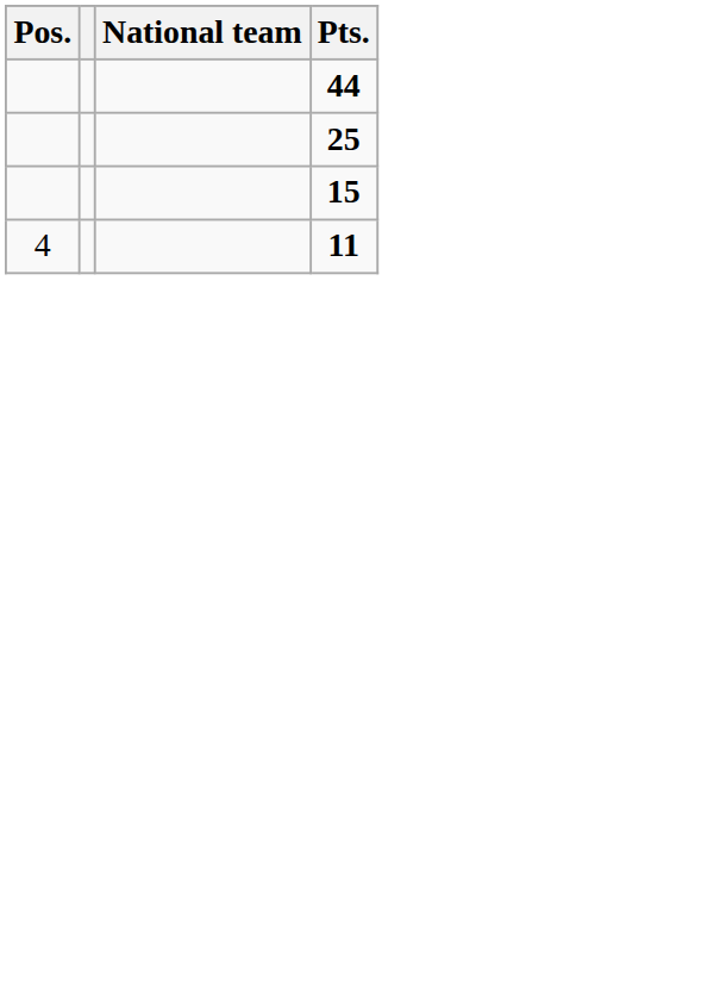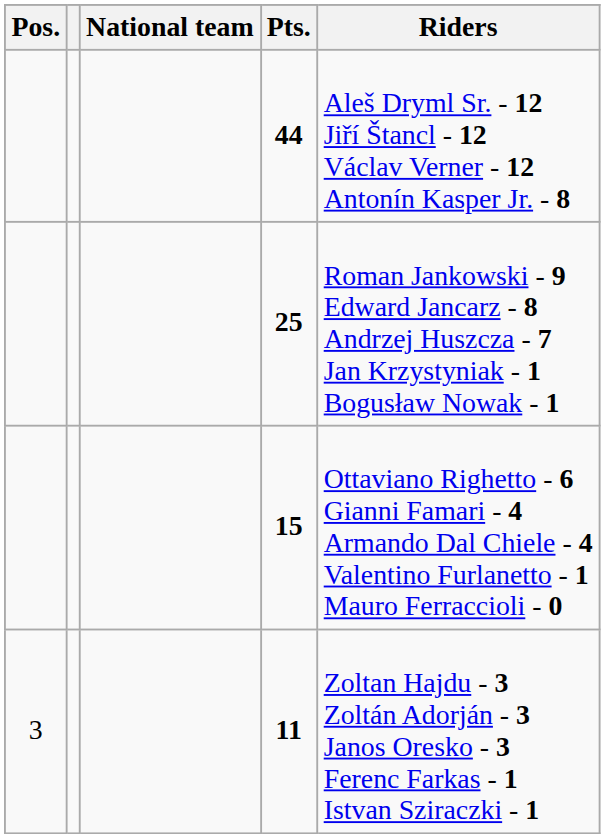 <table class=wikitable style="font-size:93%;">
 <tr>
 <th>Pos.</th>
 <th></th>
 <th>National team</th>
 <th>Pts.</th>
+<th>Riders</th>
 </tr>
 <tr align=center >
 <td></td>
 <td></td>
 <td align=left></td>
 <td><strong>44</strong></td>
+<td align=left><br><a href='#'>Aleš Dryml Sr.</a> - <strong>12</strong> <br> <a href='#'>Jiří Štancl</a> - <strong>12</strong> <br> <a href='#'>Václav Verner</a> - <strong>12</strong> <br> <a href='#'>Antonín Kasper Jr.</a> - <strong>8</strong> <br></td>
 </tr>
 <tr align=center >
 <td></td>
 <td></td>
 <td align=left></td>
 <td><strong>25</strong></td>
+<td align=left><br><a href='#'>Roman Jankowski</a> - <strong>9</strong> <br> <a href='#'>Edward Jancarz</a> - <strong>8</strong> <br> <a href='#'>Andrzej Huszcza</a> - <strong>7</strong> <br> <a href='#'>Jan Krzystyniak</a> - <strong>1</strong> <br> <a href='#'>Bogusław Nowak</a> - <strong>1</strong> <br></td>
 </tr>
 <tr align=center >
 <td></td>
 <td></td>
 <td align=left></td>
 <td><strong>15</strong></td>
+<td align=left><br><a href='#'>Ottaviano Righetto</a> - <strong>6</strong> <br> <a href='#'>Gianni Famari</a> - <strong>4</strong> <br> <a href='#'>Armando Dal Chiele</a> - <strong>4</strong> <br> <a href='#'>Valentino Furlanetto</a> - <strong>1</strong> <br> <a href='#'>Mauro Ferraccioli</a> - <strong>0</strong> <br></td>
 </tr>
 <tr align=center>
-<td>4</td>
+<td>3</td>
 <td></td>
 <td align=left></td>
 <td><strong>11</strong></td>
+<td align=left><br><a href='#'>Zoltan Hajdu</a> - <strong>3</strong> <br> <a href='#'>Zoltán Adorján</a> - <strong>3</strong> <br> <a href='#'>Janos Oresko</a> - <strong>3</strong> <br> <a href='#'>Ferenc Farkas</a> - <strong>1</strong> <br> <a href='#'>Istvan Sziraczki</a> - <strong>1</strong> <br></td>
 </tr>
 </table>
